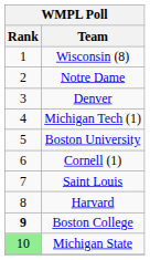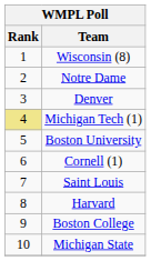 <table class="wikitable" style="text-align:center;">
 <tr>
 <th colspan=2><strong>WMPL Poll</strong></th>
 </tr>
 <tr>
 <th>Rank</th>
 <th>Team</th>
 </tr>
 <tr>
 <td>1</td>
 <td><a href='#'>Wisconsin</a> (8)</td>
 </tr>
 <tr>
 <td>2</td>
 <td><a href='#'>Notre Dame</a></td>
 </tr>
 <tr>
 <td>3</td>
 <td><a href='#'>Denver</a></td>
 </tr>
 <tr>
-<td>4</td>
+<td style="background: khaki;">4</td>
 <td><a href='#'>Michigan Tech</a> (1)</td>
 </tr>
 <tr>
 <td>5</td>
 <td><a href='#'>Boston University</a></td>
 </tr>
 <tr>
 <td>6</td>
 <td><a href='#'>Cornell</a> (1)</td>
 </tr>
 <tr>
 <td>7</td>
 <td><a href='#'>Saint Louis</a></td>
 </tr>
 <tr>
 <td>8</td>
 <td><a href='#'>Harvard</a></td>
 </tr>
 <tr>
-<td><strong>9</strong></td>
+<td>9</td>
 <td><a href='#'>Boston College</a></td>
 </tr>
 <tr>
-<td style="background: lightgreen;">10</td>
+<td>10</td>
 <td><a href='#'>Michigan State</a></td>
 </tr>
 <tr>
 </tr>
 </table>
